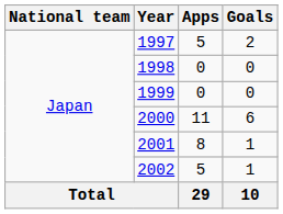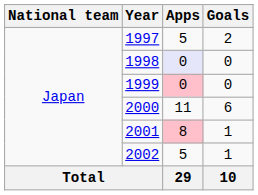 <table class="wikitable" style="text-align:center">
 <tr>
 <th>National team</th>
 <th>Year</th>
 <th>Apps</th>
 <th>Goals</th>
 </tr>
 <tr>
 <td rowspan="6"><a href='#'>Japan</a></td>
 <td><a href='#'>1997</a></td>
 <td>5</td>
 <td>2</td>
 </tr>
 <tr>
 <td><a href='#'>1998</a></td>
-<td>0</td>
+<td style="background: lavender;">0</td>
 <td>0</td>
 </tr>
 <tr>
 <td><a href='#'>1999</a></td>
-<td>0</td>
+<td style="background: pink;">0</td>
 <td>0</td>
 </tr>
 <tr>
 <td><a href='#'>2000</a></td>
 <td>11</td>
 <td>6</td>
 </tr>
 <tr>
 <td><a href='#'>2001</a></td>
-<td>8</td>
+<td style="background: pink;">8</td>
 <td>1</td>
 </tr>
 <tr>
 <td><a href='#'>2002</a></td>
 <td>5</td>
 <td>1</td>
 </tr>
 <tr>
 <th colspan="2">Total</th>
 <th>29</th>
 <th>10</th>
 </tr>
 </table>
